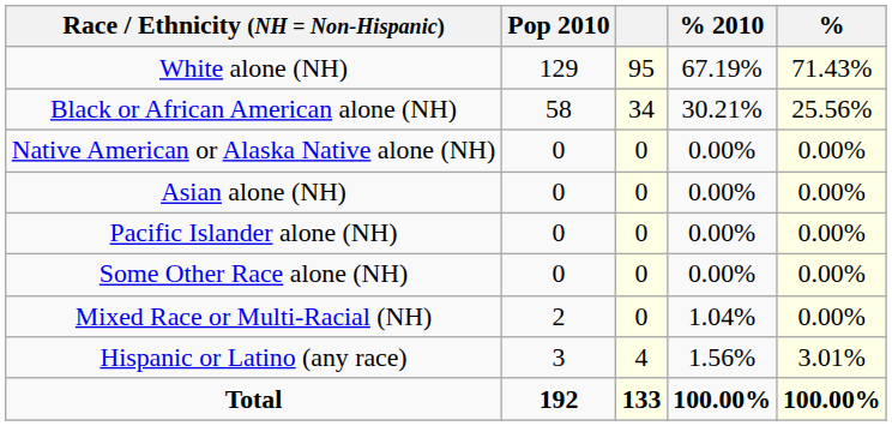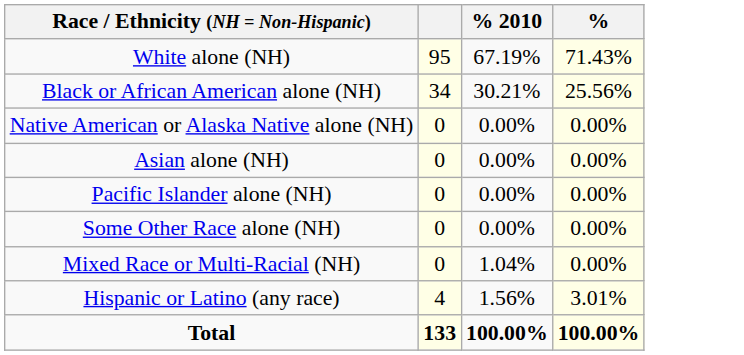 <table class="wikitable" style="text-align:center;">
 <tr>
 <th>Race / Ethnicity <small>(<em>NH = Non-Hispanic</em>)</small></th>
-<th>Pop 2010</th>
 <th></th>
 <th>% 2010</th>
 <th>% </th>
 </tr>
 <tr>
 <td><a href='#'>White</a> alone (NH)</td>
-<td>129</td>
 <td style='background: #ffffe6;'>95</td>
 <td>67.19%</td>
 <td style='background: #ffffe6;'>71.43%</td>
 </tr>
 <tr>
 <td><a href='#'>Black or African American</a> alone (NH)</td>
-<td>58</td>
 <td style='background: #ffffe6;'>34</td>
 <td>30.21%</td>
 <td style='background: #ffffe6;'>25.56%</td>
 </tr>
 <tr>
 <td><a href='#'>Native American</a> or <a href='#'>Alaska Native</a> alone (NH)</td>
-<td>0</td>
 <td style='background: #ffffe6;'>0</td>
 <td>0.00%</td>
 <td style='background: #ffffe6;'>0.00%</td>
 </tr>
 <tr>
 <td><a href='#'>Asian</a> alone (NH)</td>
-<td>0</td>
 <td style='background: #ffffe6;'>0</td>
 <td>0.00%</td>
 <td style='background: #ffffe6;'>0.00%</td>
 </tr>
 <tr>
 <td><a href='#'>Pacific Islander</a> alone (NH)</td>
-<td>0</td>
 <td style='background: #ffffe6;'>0</td>
 <td>0.00%</td>
 <td style='background: #ffffe6;'>0.00%</td>
 </tr>
 <tr>
 <td><a href='#'>Some Other Race</a> alone (NH)</td>
-<td>0</td>
 <td style='background: #ffffe6;'>0</td>
 <td>0.00%</td>
 <td style='background: #ffffe6;'>0.00%</td>
 </tr>
 <tr>
 <td><a href='#'>Mixed Race or Multi-Racial</a> (NH)</td>
-<td>2</td>
 <td style='background: #ffffe6;'>0</td>
 <td>1.04%</td>
 <td style='background: #ffffe6;'>0.00%</td>
 </tr>
 <tr>
 <td><a href='#'>Hispanic or Latino</a> (any race)</td>
-<td>3</td>
 <td style='background: #ffffe6;'>4</td>
 <td>1.56%</td>
 <td style='background: #ffffe6;'>3.01%</td>
 </tr>
 <tr>
 <td><strong>Total</strong></td>
-<td><strong>192</strong></td>
 <td style='background: #ffffe6;'><strong>133</strong></td>
 <td><strong>100.00%</strong></td>
 <td style='background: #ffffe6;'><strong>100.00%</strong></td>
 </tr>
 </table>
